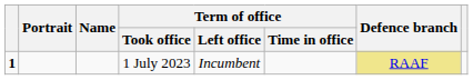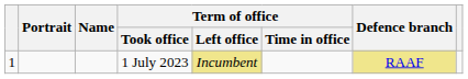 <table class="wikitable" style="text-align:center">
 <tr>
 <th rowspan=2></th>
 <th rowspan=2>Portrait</th>
 <th rowspan=2>Name<br></th>
 <th colspan=3>Term of office</th>
 <th rowspan=2>Defence branch</th>
 <th rowspan=2></th>
 </tr>
 <tr>
 <th>Took office</th>
 <th>Left office</th>
 <th>Time in office</th>
 </tr>
 <tr>
-<td><strong>1</strong></td>
+<td>1</td>
 <td></td>
 <td> </td>
 <td>1 July 2023</td>
-<td><em>Incumbent</em></td>
+<td style="background: khaki;"><em>Incumbent</em></td>
 <td></td>
 <td style="background: khaki;"><a href='#'>RAAF</a></td>
 <td></td>
 </tr>
 </table>
